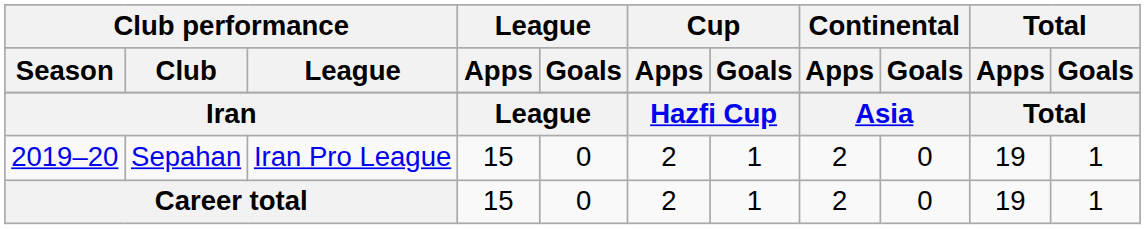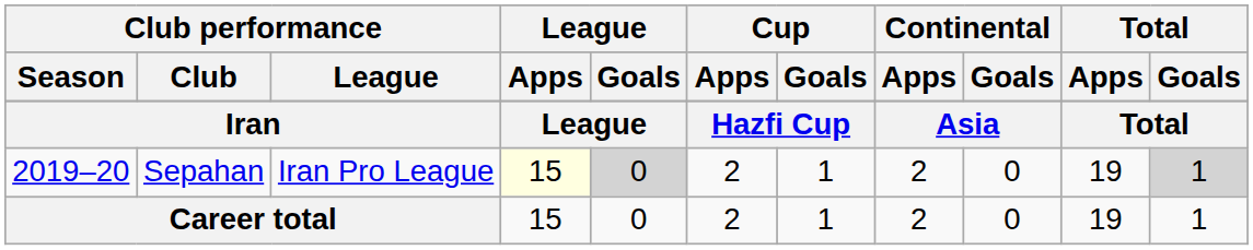 <table class="wikitable" style="text-align:center">
 <tr>
 <th colspan=3>Club performance</th>
 <th colspan=2>League</th>
 <th colspan=2>Cup</th>
 <th colspan=2>Continental</th>
 <th colspan=2>Total</th>
 </tr>
 <tr>
 <th>Season</th>
 <th>Club</th>
 <th>League</th>
 <th>Apps</th>
 <th>Goals</th>
 <th>Apps</th>
 <th>Goals</th>
 <th>Apps</th>
 <th>Goals</th>
 <th>Apps</th>
 <th>Goals</th>
 </tr>
 <tr>
 </tr>
 <tr>
 <th colspan=3>Iran</th>
 <th colspan=2>League</th>
 <th colspan=2><a href='#'>Hazfi Cup</a></th>
 <th colspan=2><a href='#'>Asia</a></th>
 <th colspan=2>Total</th>
 </tr>
 <tr>
 <td><a href='#'>2019–20</a></td>
 <td rowspan="1"><a href='#'>Sepahan</a></td>
 <td rowspan="1"><a href='#'>Iran Pro League</a></td>
-<td>15</td>
-<td>0</td>
+<td style="background: lightyellow;">15</td>
+<td style="background: lightgrey;">0</td>
 <td>2</td>
 <td>1</td>
 <td>2</td>
 <td>0</td>
 <td>19</td>
-<td>1</td>
+<td style="background: lightgrey;">1</td>
 </tr>
 <tr>
 <th colspan=3>Career total</th>
 <td>15</td>
 <td>0</td>
 <td>2</td>
 <td>1</td>
 <td>2</td>
 <td>0</td>
 <td>19</td>
 <td>1</td>
 </tr>
 </table>
